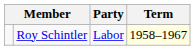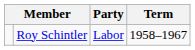 <table class="wikitable">
 <tr>
 <th colspan="2">Member</th>
 <th>Party</th>
 <th>Term</th>
 </tr>
 <tr>
 <td> </td>
 <td><a href='#'>Roy Schintler</a></td>
 <td><a href='#'>Labor</a></td>
-<td style="background: lightyellow;">1958–1967</td>
+<td>1958–1967</td>
 </tr>
 </table>
